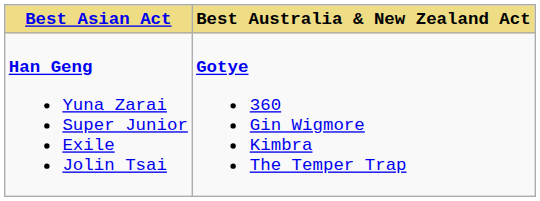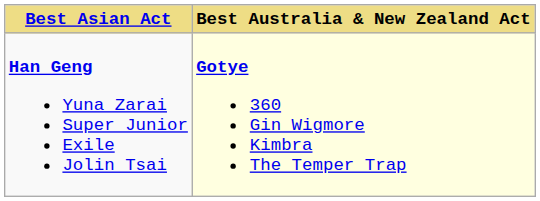 <table class=wikitable style="width=100%">
 <tr>
 <th style="background:#EEDD85; width=50%"><a href='#'>Best Asian Act</a></th>
 <th style="background:#EEDD85; width=50%">Best Australia & New Zealand Act</th>
 </tr>
 <tr>
 <td valign="top"><br><strong><a href='#'>Han Geng</a></strong><ul><li><a href='#'>Yuna Zarai</a></li><li><a href='#'>Super Junior</a></li><li><a href='#'>Exile</a></li><li><a href='#'>Jolin Tsai</a></li></ul></td>
-<td valign="top"><br><strong><a href='#'>Gotye</a></strong><ul><li><a href='#'>360</a></li><li><a href='#'>Gin Wigmore</a></li><li><a href='#'>Kimbra</a></li><li><a href='#'>The Temper Trap</a></li></ul></td>
+<td valign="top" style="background: lightyellow;"><br><strong><a href='#'>Gotye</a></strong><ul><li><a href='#'>360</a></li><li><a href='#'>Gin Wigmore</a></li><li><a href='#'>Kimbra</a></li><li><a href='#'>The Temper Trap</a></li></ul></td>
 </tr>
 </table>
